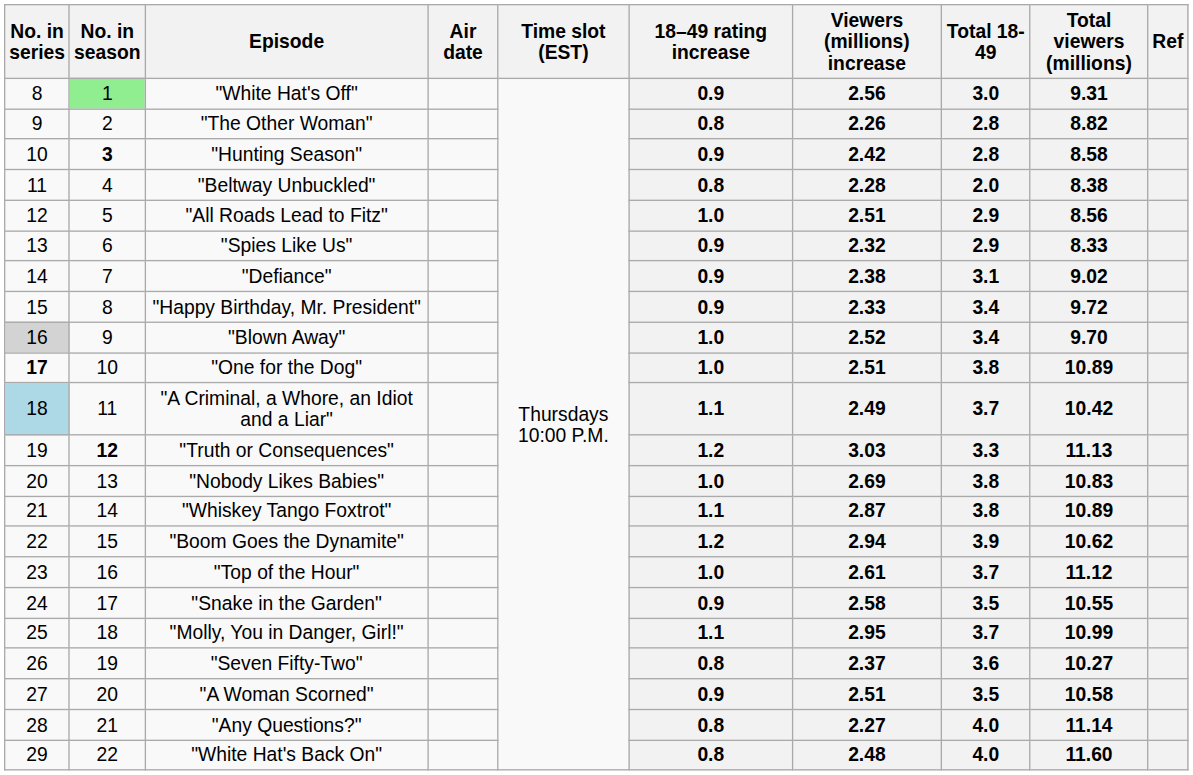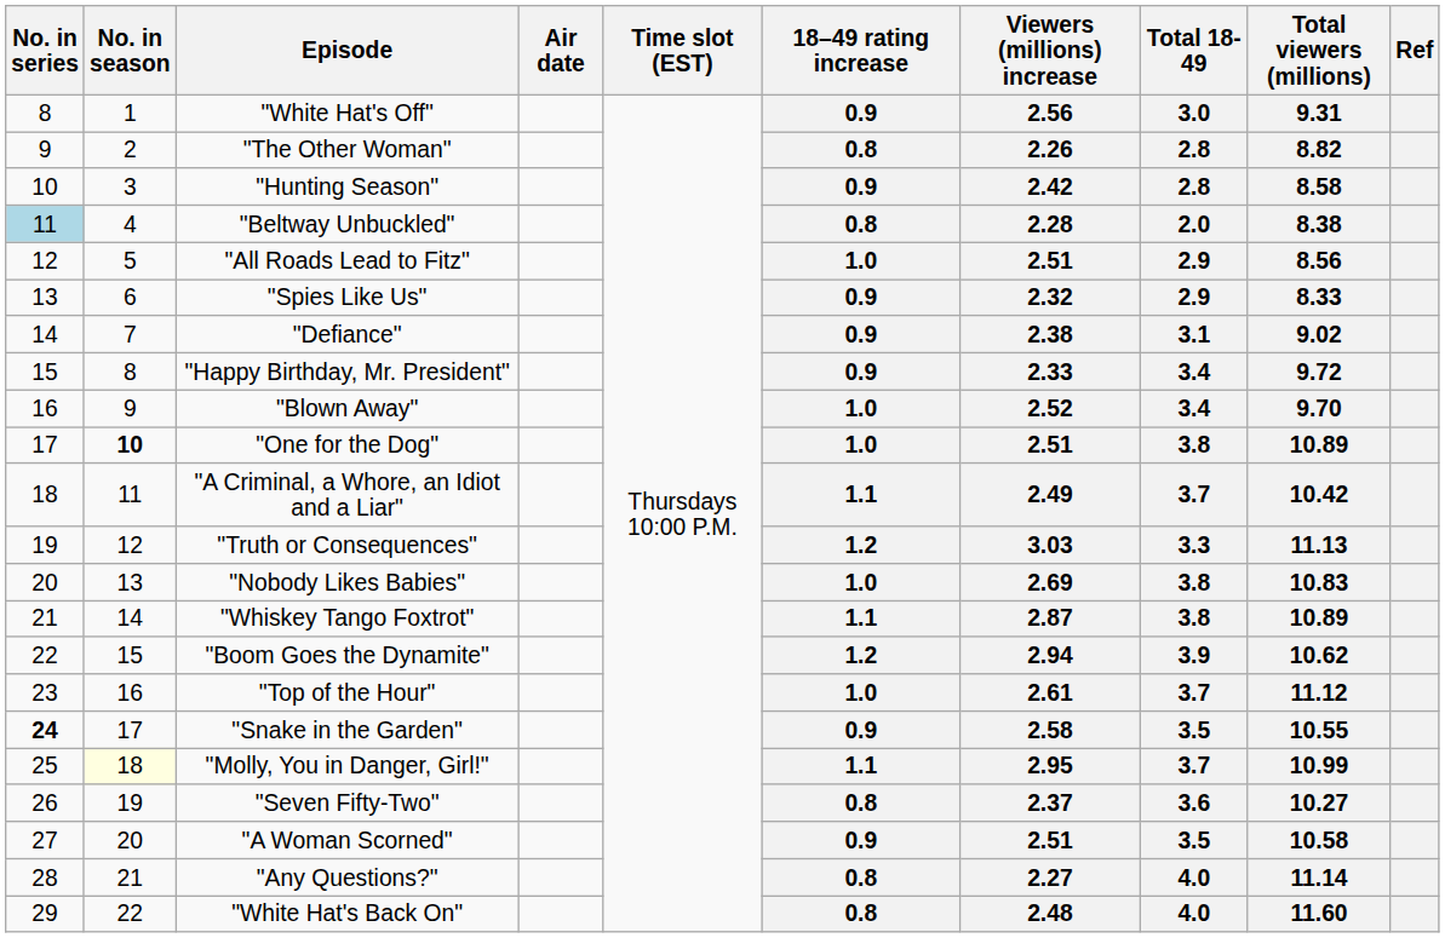 <table class="wikitable" style="font-size:90%; text-align:center; width: 100%; margin-left: auto; margin-right: auto;">
 <tr>
 <th>No. in<br>series</th>
 <th>No. in<br>season</th>
 <th>Episode</th>
 <th>Air date</th>
 <th>Time slot (EST)</th>
 <th>18–49 rating increase</th>
 <th>Viewers<br>(millions) increase</th>
 <th>Total 18-49</th>
 <th>Total viewers<br>(millions)</th>
 <th>Ref</th>
 </tr>
 <tr>
 <td style="text-align:center">8</td>
-<td style="background: lightgreen; text-align:center">1</td>
+<td style="text-align:center">1</td>
 <td>"White Hat's Off"</td>
 <td></td>
 <td style="text-align:center" rowspan=22>Thursdays<br>10:00 P.M.</td>
 <th style="text-align:center">0.9</th>
 <th style="text-align:center">2.56</th>
 <th style="text-align:center">3.0</th>
 <th style="text-align:center">9.31</th>
 <th style="text-align:center"></th>
 </tr>
 <tr>
 <td style="text-align:center">9</td>
 <td style="text-align:center">2</td>
 <td>"The Other Woman"</td>
 <td></td>
 <th style="text-align:center">0.8</th>
 <th style="text-align:center">2.26</th>
 <th style="text-align:center">2.8</th>
 <th style="text-align:center">8.82</th>
 <th style="text-align:center"></th>
 </tr>
 <tr>
 <td style="text-align:center">10</td>
-<td style="text-align:center"><strong>3</strong></td>
+<td style="text-align:center">3</td>
 <td>"Hunting Season"</td>
 <td></td>
 <th style="text-align:center">0.9</th>
 <th style="text-align:center">2.42</th>
 <th style="text-align:center">2.8</th>
 <th style="text-align:center">8.58</th>
 <th style="text-align:center"></th>
 </tr>
 <tr>
-<td style="text-align:center">11</td>
+<td style="background: lightblue; text-align:center">11</td>
 <td style="text-align:center">4</td>
 <td>"Beltway Unbuckled"</td>
 <td></td>
 <th style="text-align:center">0.8</th>
 <th style="text-align:center">2.28</th>
 <th style="text-align:center">2.0</th>
 <th style="text-align:center">8.38</th>
 <th style="text-align:center"></th>
 </tr>
 <tr>
 <td style="text-align:center">12</td>
 <td style="text-align:center">5</td>
 <td>"All Roads Lead to Fitz"</td>
 <td></td>
 <th style="text-align:center">1.0</th>
 <th style="text-align:center">2.51</th>
 <th style="text-align:center">2.9</th>
 <th style="text-align:center">8.56</th>
 <th style="text-align:center"></th>
 </tr>
 <tr>
 <td style="text-align:center">13</td>
 <td style="text-align:center">6</td>
 <td>"Spies Like Us"</td>
 <td></td>
 <th style="text-align:center">0.9</th>
 <th style="text-align:center">2.32</th>
 <th style="text-align:center">2.9</th>
 <th style="text-align:center">8.33</th>
 <th style="text-align:center"></th>
 </tr>
 <tr>
 <td style="text-align:center">14</td>
 <td style="text-align:center">7</td>
 <td>"Defiance"</td>
 <td></td>
 <th style="text-align:center">0.9</th>
 <th style="text-align:center">2.38</th>
 <th style="text-align:center">3.1</th>
 <th style="text-align:center">9.02</th>
 <th style="text-align:center"></th>
 </tr>
 <tr>
 <td style="text-align:center">15</td>
 <td style="text-align:center">8</td>
 <td>"Happy Birthday, Mr. President"</td>
 <td></td>
 <th style="text-align:center">0.9</th>
 <th style="text-align:center">2.33</th>
 <th style="text-align:center">3.4</th>
 <th style="text-align:center">9.72</th>
 <th style="text-align:center"></th>
 </tr>
 <tr>
-<td style="background: lightgrey; text-align:center">16</td>
+<td style="text-align:center">16</td>
 <td style="text-align:center">9</td>
 <td>"Blown Away"</td>
 <td></td>
 <th style="text-align:center">1.0</th>
 <th style="text-align:center">2.52</th>
 <th style="text-align:center">3.4</th>
 <th style="text-align:center">9.70</th>
 <th style="text-align:center"></th>
 </tr>
 <tr>
-<td style="text-align:center"><strong>17</strong></td>
-<td style="text-align:center">10</td>
+<td style="text-align:center">17</td>
+<td style="text-align:center"><strong>10</strong></td>
 <td>"One for the Dog"</td>
 <td></td>
 <th style="text-align:center">1.0</th>
 <th style="text-align:center">2.51</th>
 <th style="text-align:center">3.8</th>
 <th style="text-align:center">10.89</th>
 <th style="text-align:center"></th>
 </tr>
 <tr>
-<td style="background: lightblue; text-align:center">18</td>
+<td style="text-align:center">18</td>
 <td style="text-align:center">11</td>
 <td>"A Criminal, a Whore, an Idiot and a Liar"</td>
 <td></td>
 <th style="text-align:center">1.1</th>
 <th style="text-align:center">2.49</th>
 <th style="text-align:center">3.7</th>
 <th style="text-align:center">10.42</th>
 <th style="text-align:center"></th>
 </tr>
 <tr>
 <td style="text-align:center">19</td>
-<td style="text-align:center"><strong>12</strong></td>
+<td style="text-align:center">12</td>
 <td>"Truth or Consequences"</td>
 <td></td>
 <th style="text-align:center">1.2</th>
 <th style="text-align:center">3.03</th>
 <th style="text-align:center">3.3</th>
 <th style="text-align:center">11.13</th>
 <th style="text-align:center"></th>
 </tr>
 <tr>
 <td style="text-align:center">20</td>
 <td style="text-align:center">13</td>
 <td>"Nobody Likes Babies"</td>
 <td></td>
 <th style="text-align:center">1.0</th>
 <th style="text-align:center">2.69</th>
 <th style="text-align:center">3.8</th>
 <th style="text-align:center">10.83</th>
 <th style="text-align:center"></th>
 </tr>
 <tr>
 <td style="text-align:center">21</td>
 <td style="text-align:center">14</td>
 <td>"Whiskey Tango Foxtrot"</td>
 <td></td>
 <th style="text-align:center">1.1</th>
 <th style="text-align:center">2.87</th>
 <th style="text-align:center">3.8</th>
 <th style="text-align:center">10.89</th>
 <th style="text-align:center"></th>
 </tr>
 <tr>
 <td style="text-align:center">22</td>
 <td style="text-align:center">15</td>
 <td>"Boom Goes the Dynamite"</td>
 <td></td>
 <th style="text-align:center">1.2</th>
 <th style="text-align:center">2.94</th>
 <th style="text-align:center">3.9</th>
 <th style="text-align:center">10.62</th>
 <th style="text-align:center"></th>
 </tr>
 <tr>
 <td style="text-align:center">23</td>
 <td style="text-align:center">16</td>
 <td>"Top of the Hour"</td>
 <td></td>
 <th style="text-align:center">1.0</th>
 <th style="text-align:center">2.61</th>
 <th style="text-align:center">3.7</th>
 <th style="text-align:center">11.12</th>
 <th style="text-align:center"></th>
 </tr>
 <tr>
-<td style="text-align:center">24</td>
+<td style="text-align:center"><strong>24</strong></td>
 <td style="text-align:center">17</td>
 <td>"Snake in the Garden"</td>
 <td></td>
 <th style="text-align:center">0.9</th>
 <th style="text-align:center">2.58</th>
 <th style="text-align:center">3.5</th>
 <th style="text-align:center">10.55</th>
 <th style="text-align:center"></th>
 </tr>
 <tr>
 <td style="text-align:center">25</td>
-<td style="text-align:center">18</td>
+<td style="background: lightyellow; text-align:center">18</td>
 <td>"Molly, You in Danger, Girl!"</td>
 <td></td>
 <th style="text-align:center">1.1</th>
 <th style="text-align:center">2.95</th>
 <th style="text-align:center">3.7</th>
 <th style="text-align:center">10.99</th>
 <th style="text-align:center"></th>
 </tr>
 <tr>
 <td style="text-align:center">26</td>
 <td style="text-align:center">19</td>
 <td>"Seven Fifty-Two"</td>
 <td></td>
 <th style="text-align:center">0.8</th>
 <th style="text-align:center">2.37</th>
 <th style="text-align:center">3.6</th>
 <th style="text-align:center">10.27</th>
 <th style="text-align:center"></th>
 </tr>
 <tr>
 <td style="text-align:center">27</td>
 <td style="text-align:center">20</td>
 <td>"A Woman Scorned"</td>
 <td></td>
 <th style="text-align:center">0.9</th>
 <th style="text-align:center">2.51</th>
 <th style="text-align:center">3.5</th>
 <th style="text-align:center">10.58</th>
 <th style="text-align:center"></th>
 </tr>
 <tr>
 <td style="text-align:center">28</td>
 <td style="text-align:center">21</td>
 <td>"Any Questions?"</td>
 <td></td>
 <th style="text-align:center">0.8</th>
 <th style="text-align:center">2.27</th>
 <th style="text-align:center">4.0</th>
 <th style="text-align:center">11.14</th>
 <th style="text-align:center"></th>
 </tr>
 <tr>
 <td style="text-align:center">29</td>
 <td style="text-align:center">22</td>
 <td>"White Hat's Back On"</td>
 <td></td>
 <th style="text-align:center">0.8</th>
 <th style="text-align:center">2.48</th>
 <th style="text-align:center">4.0</th>
 <th style="text-align:center">11.60</th>
 <th style="text-align:center"></th>
 </tr>
 </table>
